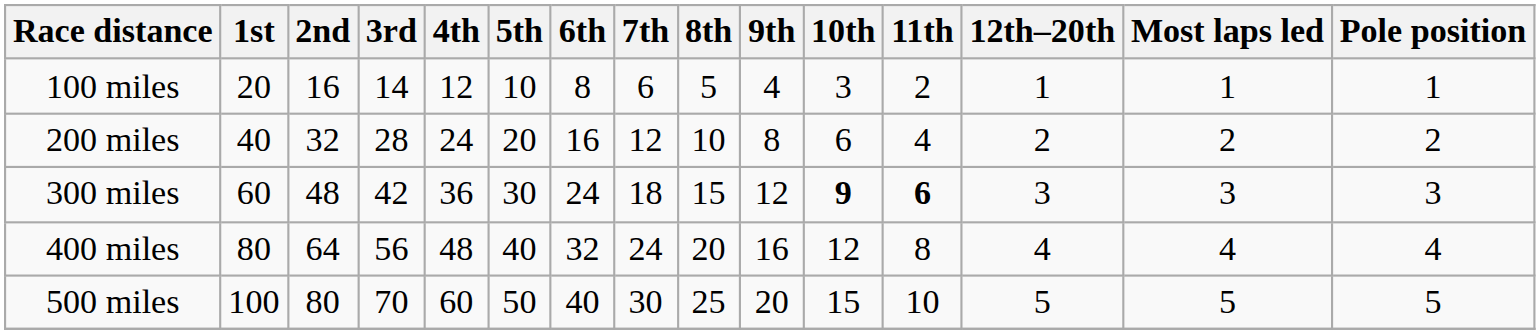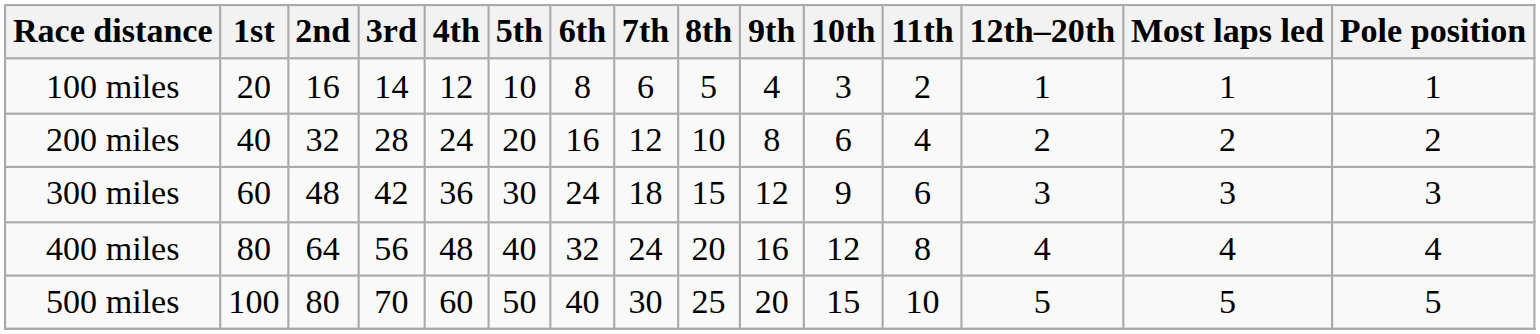 <table class="wikitable" style="text-align:center">
 <tr>
 <th>Race distance</th>
 <th>1st</th>
 <th>2nd</th>
 <th>3rd</th>
 <th>4th</th>
 <th>5th</th>
 <th>6th</th>
 <th>7th</th>
 <th>8th</th>
 <th>9th</th>
 <th>10th</th>
 <th>11th</th>
 <th>12th–20th</th>
 <th>Most laps led</th>
 <th>Pole position</th>
 </tr>
 <tr>
 <td>100 miles</td>
 <td>20</td>
 <td>16</td>
 <td>14</td>
 <td>12</td>
 <td>10</td>
 <td>8</td>
 <td>6</td>
 <td>5</td>
 <td>4</td>
 <td>3</td>
 <td>2</td>
 <td>1</td>
 <td>1</td>
 <td>1</td>
 </tr>
 <tr>
 <td>200 miles</td>
 <td>40</td>
 <td>32</td>
 <td>28</td>
 <td>24</td>
 <td>20</td>
 <td>16</td>
 <td>12</td>
 <td>10</td>
 <td>8</td>
 <td>6</td>
 <td>4</td>
 <td>2</td>
 <td>2</td>
 <td>2</td>
 </tr>
 <tr>
 <td>300 miles</td>
 <td>60</td>
 <td>48</td>
 <td>42</td>
 <td>36</td>
 <td>30</td>
 <td>24</td>
 <td>18</td>
 <td>15</td>
 <td>12</td>
-<td><strong>9</strong></td>
-<td><strong>6</strong></td>
+<td>9</td>
+<td>6</td>
 <td>3</td>
 <td>3</td>
 <td>3</td>
 </tr>
 <tr>
 <td>400 miles</td>
 <td>80</td>
 <td>64</td>
 <td>56</td>
 <td>48</td>
 <td>40</td>
 <td>32</td>
 <td>24</td>
 <td>20</td>
 <td>16</td>
 <td>12</td>
 <td>8</td>
 <td>4</td>
 <td>4</td>
 <td>4</td>
 </tr>
 <tr>
 <td>500 miles</td>
 <td>100</td>
 <td>80</td>
 <td>70</td>
 <td>60</td>
 <td>50</td>
 <td>40</td>
 <td>30</td>
 <td>25</td>
 <td>20</td>
 <td>15</td>
 <td>10</td>
 <td>5</td>
 <td>5</td>
 <td>5</td>
 </tr>
 <tr>
 </tr>
 </table>
